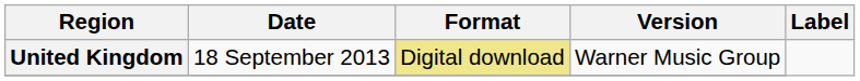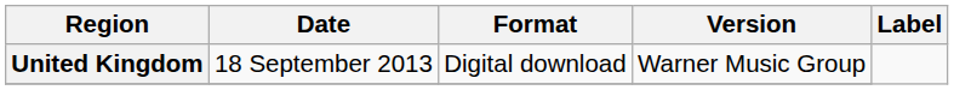 <table class="wikitable plainrowheaders">
 <tr>
 <th scope="col">Region</th>
 <th scope="col">Date</th>
 <th scope="col">Format</th>
 <th scope="col">Version</th>
 <th scope="col">Label</th>
 </tr>
 <tr>
 <th scope="row">United Kingdom</th>
 <td>18 September 2013</td>
-<td style="background: khaki;">Digital download</td>
+<td>Digital download</td>
 <td>Warner Music Group</td>
 </tr>
 <tr>
 </tr>
 </table>
